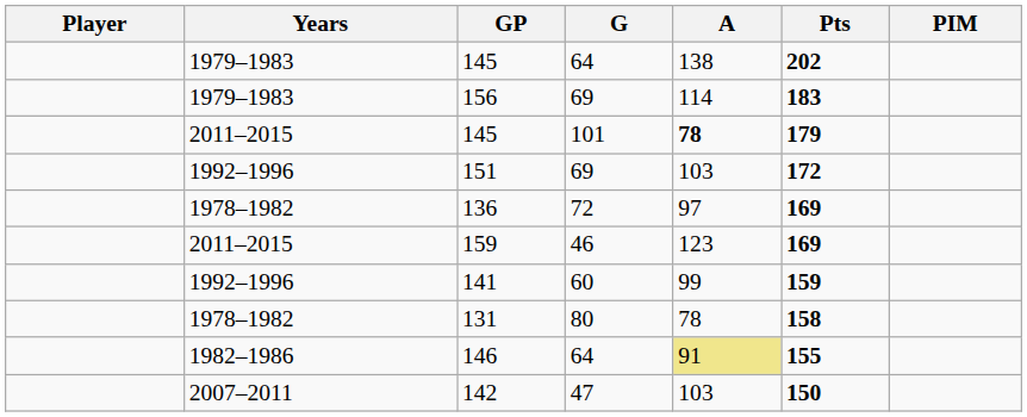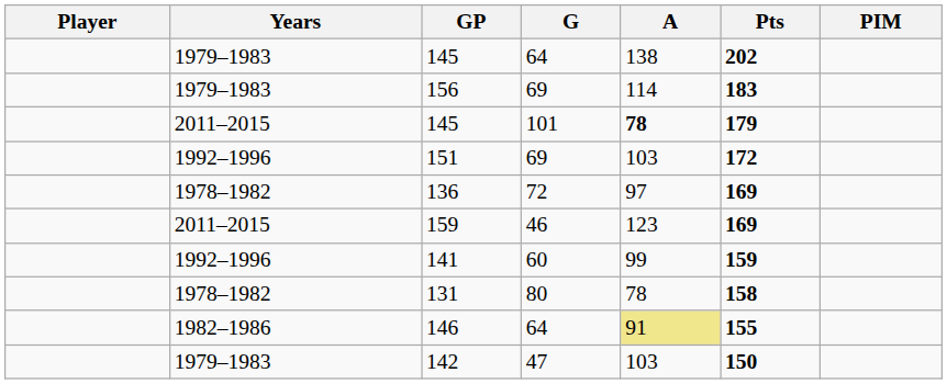 <table class="wikitable sortable" width ="700" cellpadding="1" border="1" cellspacing="0">
 <tr>
 <th>Player</th>
 <th>Years</th>
 <th>GP</th>
 <th>G</th>
 <th>A</th>
 <th>Pts</th>
 <th>PIM</th>
 </tr>
 <tr>
 <td></td>
 <td>1979–1983</td>
 <td>145</td>
 <td>64</td>
 <td>138</td>
 <td><strong>202</strong></td>
 <td></td>
 </tr>
 <tr>
 <td></td>
 <td>1979–1983</td>
 <td>156</td>
 <td>69</td>
 <td>114</td>
 <td><strong>183</strong></td>
 <td></td>
 </tr>
 <tr>
 <td></td>
 <td>2011–2015</td>
 <td>145</td>
 <td>101</td>
 <td><strong>78</strong></td>
 <td><strong>179</strong></td>
 <td></td>
 </tr>
 <tr>
 <td></td>
 <td>1992–1996</td>
 <td>151</td>
 <td>69</td>
 <td>103</td>
 <td><strong>172</strong></td>
 <td></td>
 </tr>
 <tr>
 <td></td>
 <td>1978–1982</td>
 <td>136</td>
 <td>72</td>
 <td>97</td>
 <td><strong>169</strong></td>
 <td></td>
 </tr>
 <tr>
 <td></td>
 <td>2011–2015</td>
 <td>159</td>
 <td>46</td>
 <td>123</td>
 <td><strong>169</strong></td>
 <td></td>
 </tr>
 <tr>
 <td></td>
 <td>1992–1996</td>
 <td>141</td>
 <td>60</td>
 <td>99</td>
 <td><strong>159</strong></td>
 <td></td>
 </tr>
 <tr>
 <td></td>
 <td>1978–1982</td>
 <td>131</td>
 <td>80</td>
 <td>78</td>
 <td><strong>158</strong></td>
 <td></td>
 </tr>
 <tr>
 <td></td>
 <td>1982–1986</td>
 <td>146</td>
 <td>64</td>
 <td style="background: khaki;">91</td>
 <td><strong>155</strong></td>
 <td></td>
 </tr>
 <tr>
 <td></td>
-<td>2007–2011</td>
+<td>1979–1983</td>
 <td>142</td>
 <td>47</td>
 <td>103</td>
 <td><strong>150</strong></td>
 <td></td>
 </tr>
 </table>
